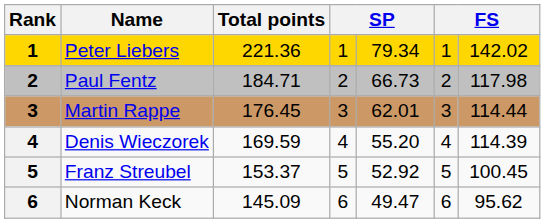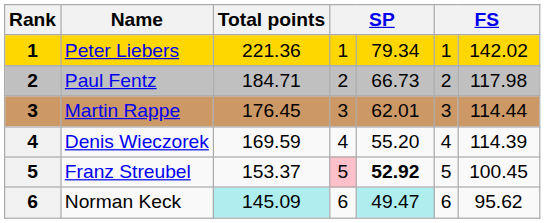 <table class="wikitable sortable">
 <tr>
 <th>Rank</th>
 <th>Name</th>
 <th>Total points</th>
 <th colspan="2" width="80px"><a href='#'>SP</a></th>
 <th colspan="2" width="80px"><a href='#'>FS</a></th>
 </tr>
 <tr bgcolor="gold">
 <td align="center"><strong>1</strong></td>
 <td><a href='#'>Peter Liebers</a></td>
 <td align="center">221.36</td>
 <td align="center">1</td>
 <td align="center">79.34</td>
 <td align="center">1</td>
 <td align="center">142.02</td>
 </tr>
 <tr bgcolor="silver">
 <td align="center"><strong>2</strong></td>
 <td><a href='#'>Paul Fentz</a></td>
 <td align="center">184.71</td>
 <td align="center">2</td>
 <td align="center">66.73</td>
 <td align="center">2</td>
 <td align="center">117.98</td>
 </tr>
 <tr bgcolor="cc9966">
 <td align="center"><strong>3</strong></td>
 <td><a href='#'>Martin Rappe</a></td>
 <td align="center">176.45</td>
 <td align="center">3</td>
 <td align="center">62.01</td>
 <td align="center">3</td>
 <td align="center">114.44</td>
 </tr>
 <tr>
 <th>4</th>
 <td><a href='#'>Denis Wieczorek</a></td>
 <td align="center">169.59</td>
 <td align="center">4</td>
 <td align="center">55.20</td>
 <td align="center">4</td>
 <td align="center">114.39</td>
 </tr>
 <tr>
 <th>5</th>
 <td><a href='#'>Franz Streubel</a></td>
 <td align="center">153.37</td>
-<td align="center">5</td>
-<td align="center">52.92</td>
+<td align="center" style="background: pink;">5</td>
+<td align="center"><strong>52.92</strong></td>
 <td align="center">5</td>
 <td align="center">100.45</td>
 </tr>
 <tr>
 <th>6</th>
 <td>Norman Keck</td>
-<td align="center">145.09</td>
+<td align="center" style="background: paleturquoise;">145.09</td>
 <td align="center">6</td>
-<td align="center">49.47</td>
+<td align="center" style="background: paleturquoise;">49.47</td>
 <td align="center">6</td>
 <td align="center">95.62</td>
 </tr>
 </table>
